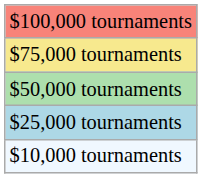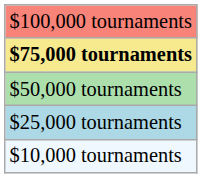 <table class="wikitable" style="font-size:85%">
 <tr bgcolor="#F88379">
 <td>$100,000 tournaments</td>
 </tr>
 <tr bgcolor="#F7E98E">
-<td>$75,000 tournaments</td>
+<td><strong>$75,000 tournaments</strong></td>
 </tr>
 <tr bgcolor="#ADDFAD">
 <td>$50,000 tournaments</td>
 </tr>
 <tr bgcolor="lightblue">
 <td>$25,000 tournaments</td>
 </tr>
 <tr bgcolor="#f0f8ff">
 <td>$10,000 tournaments</td>
 </tr>
 </table>
